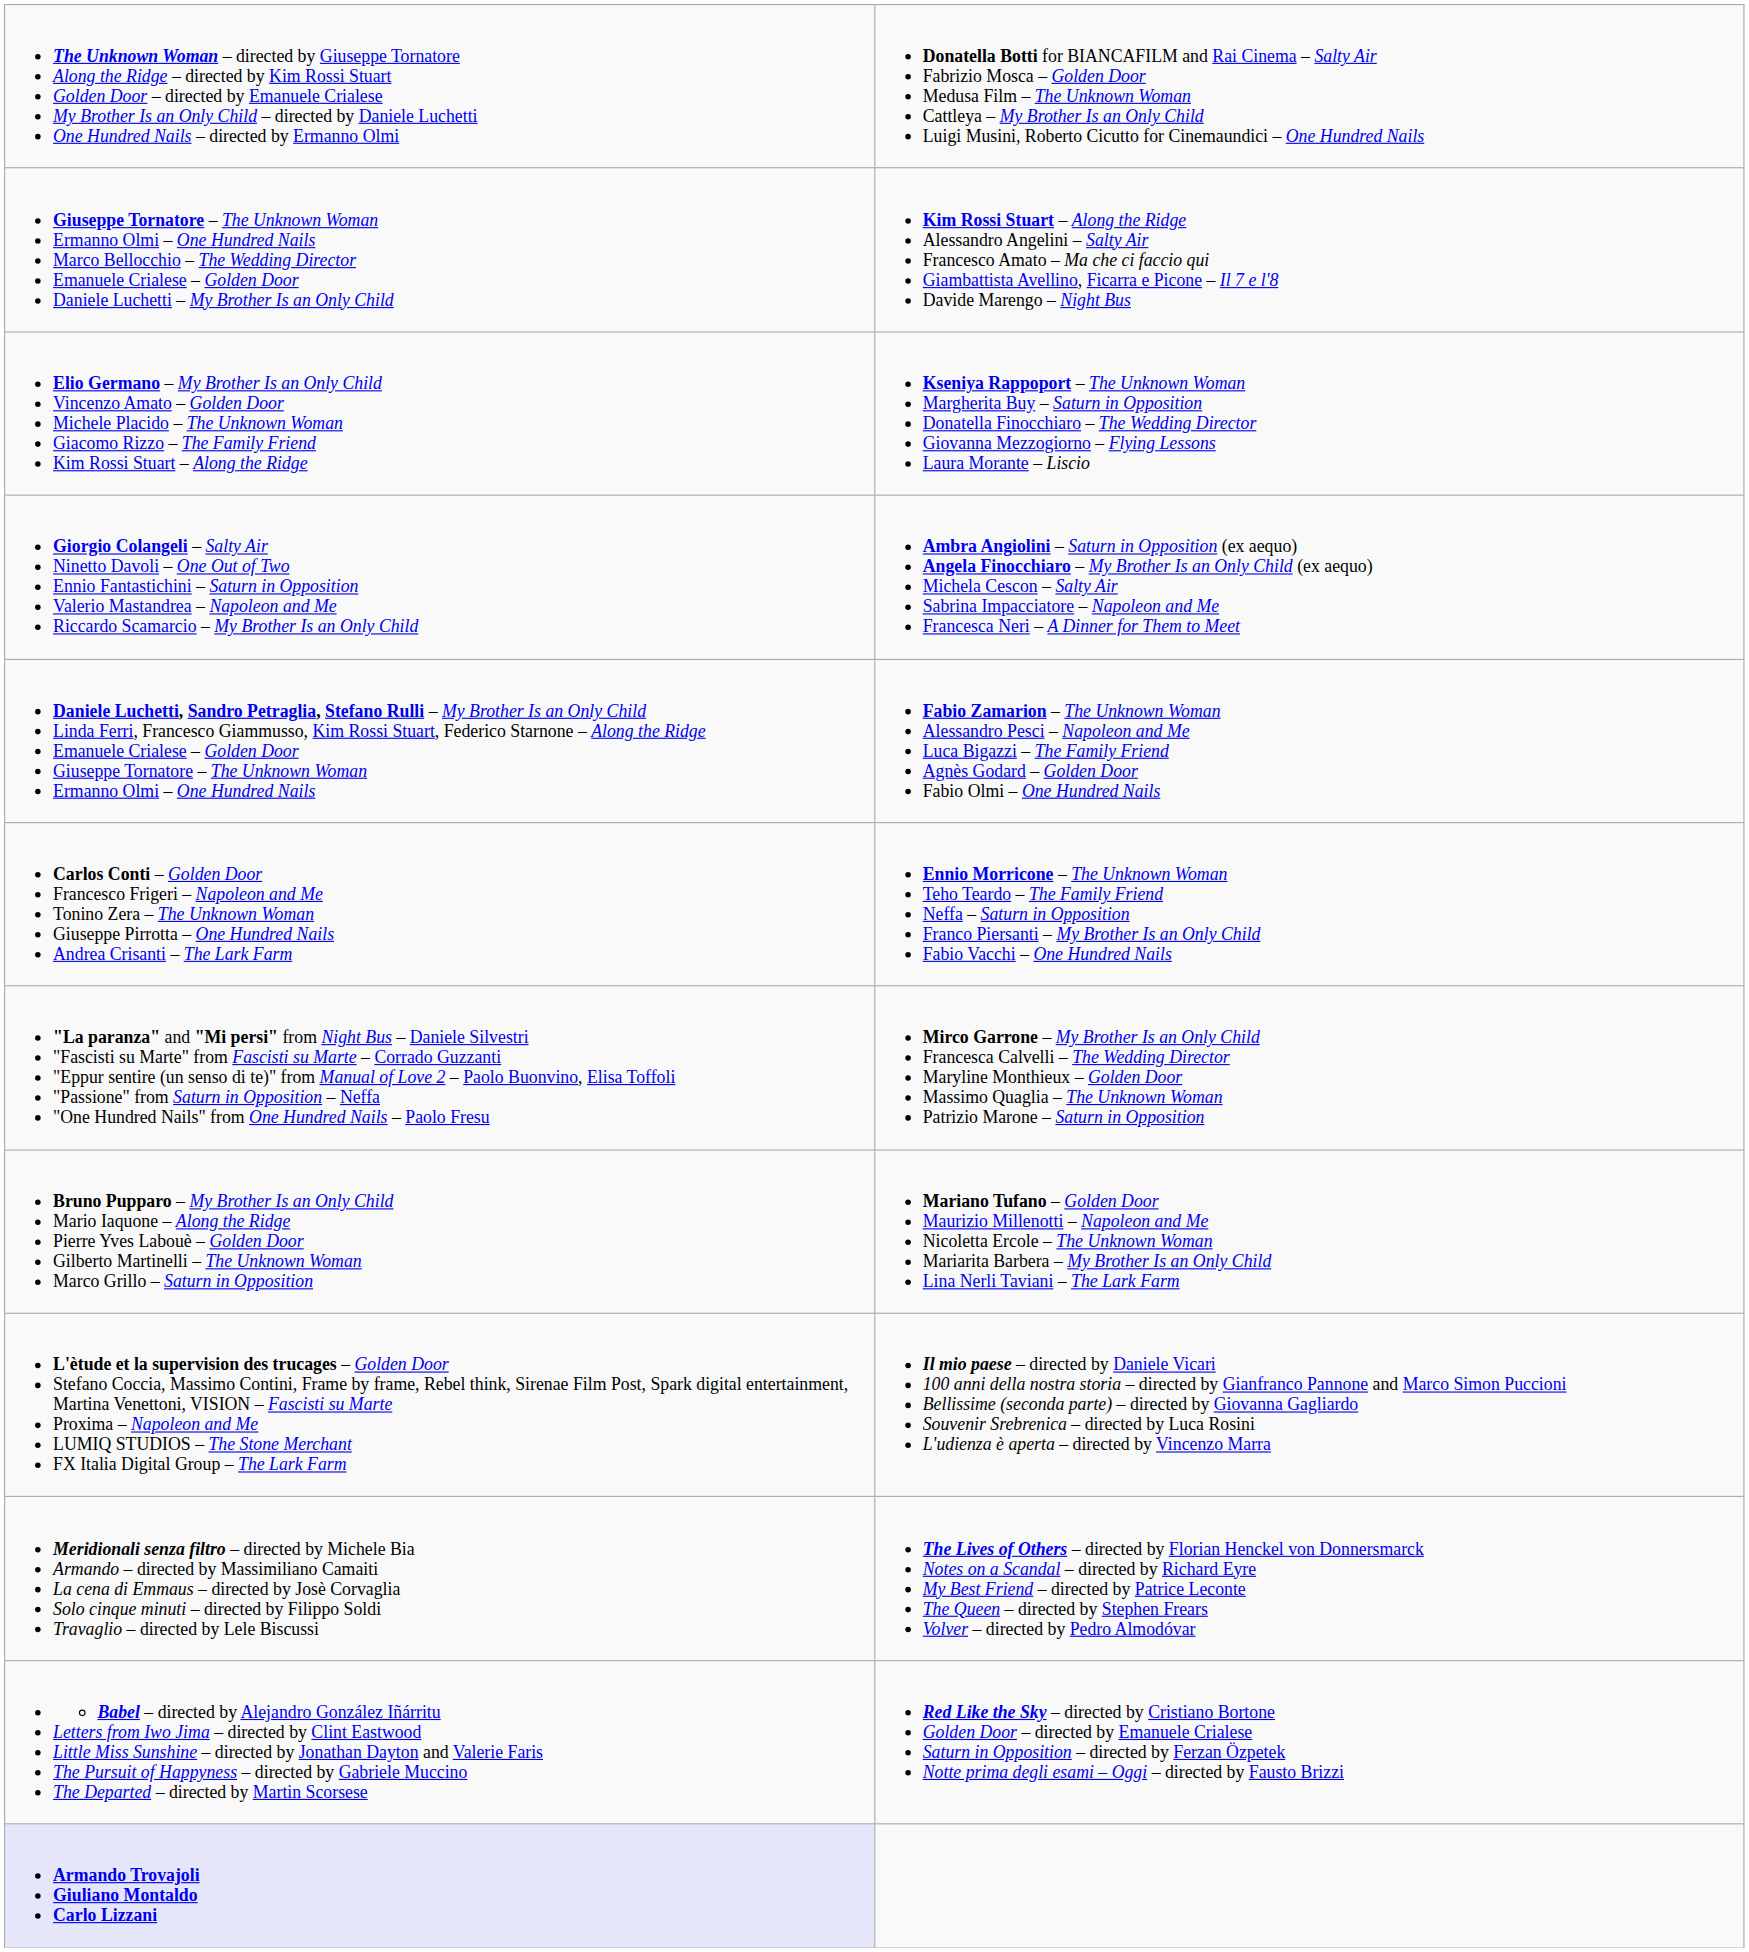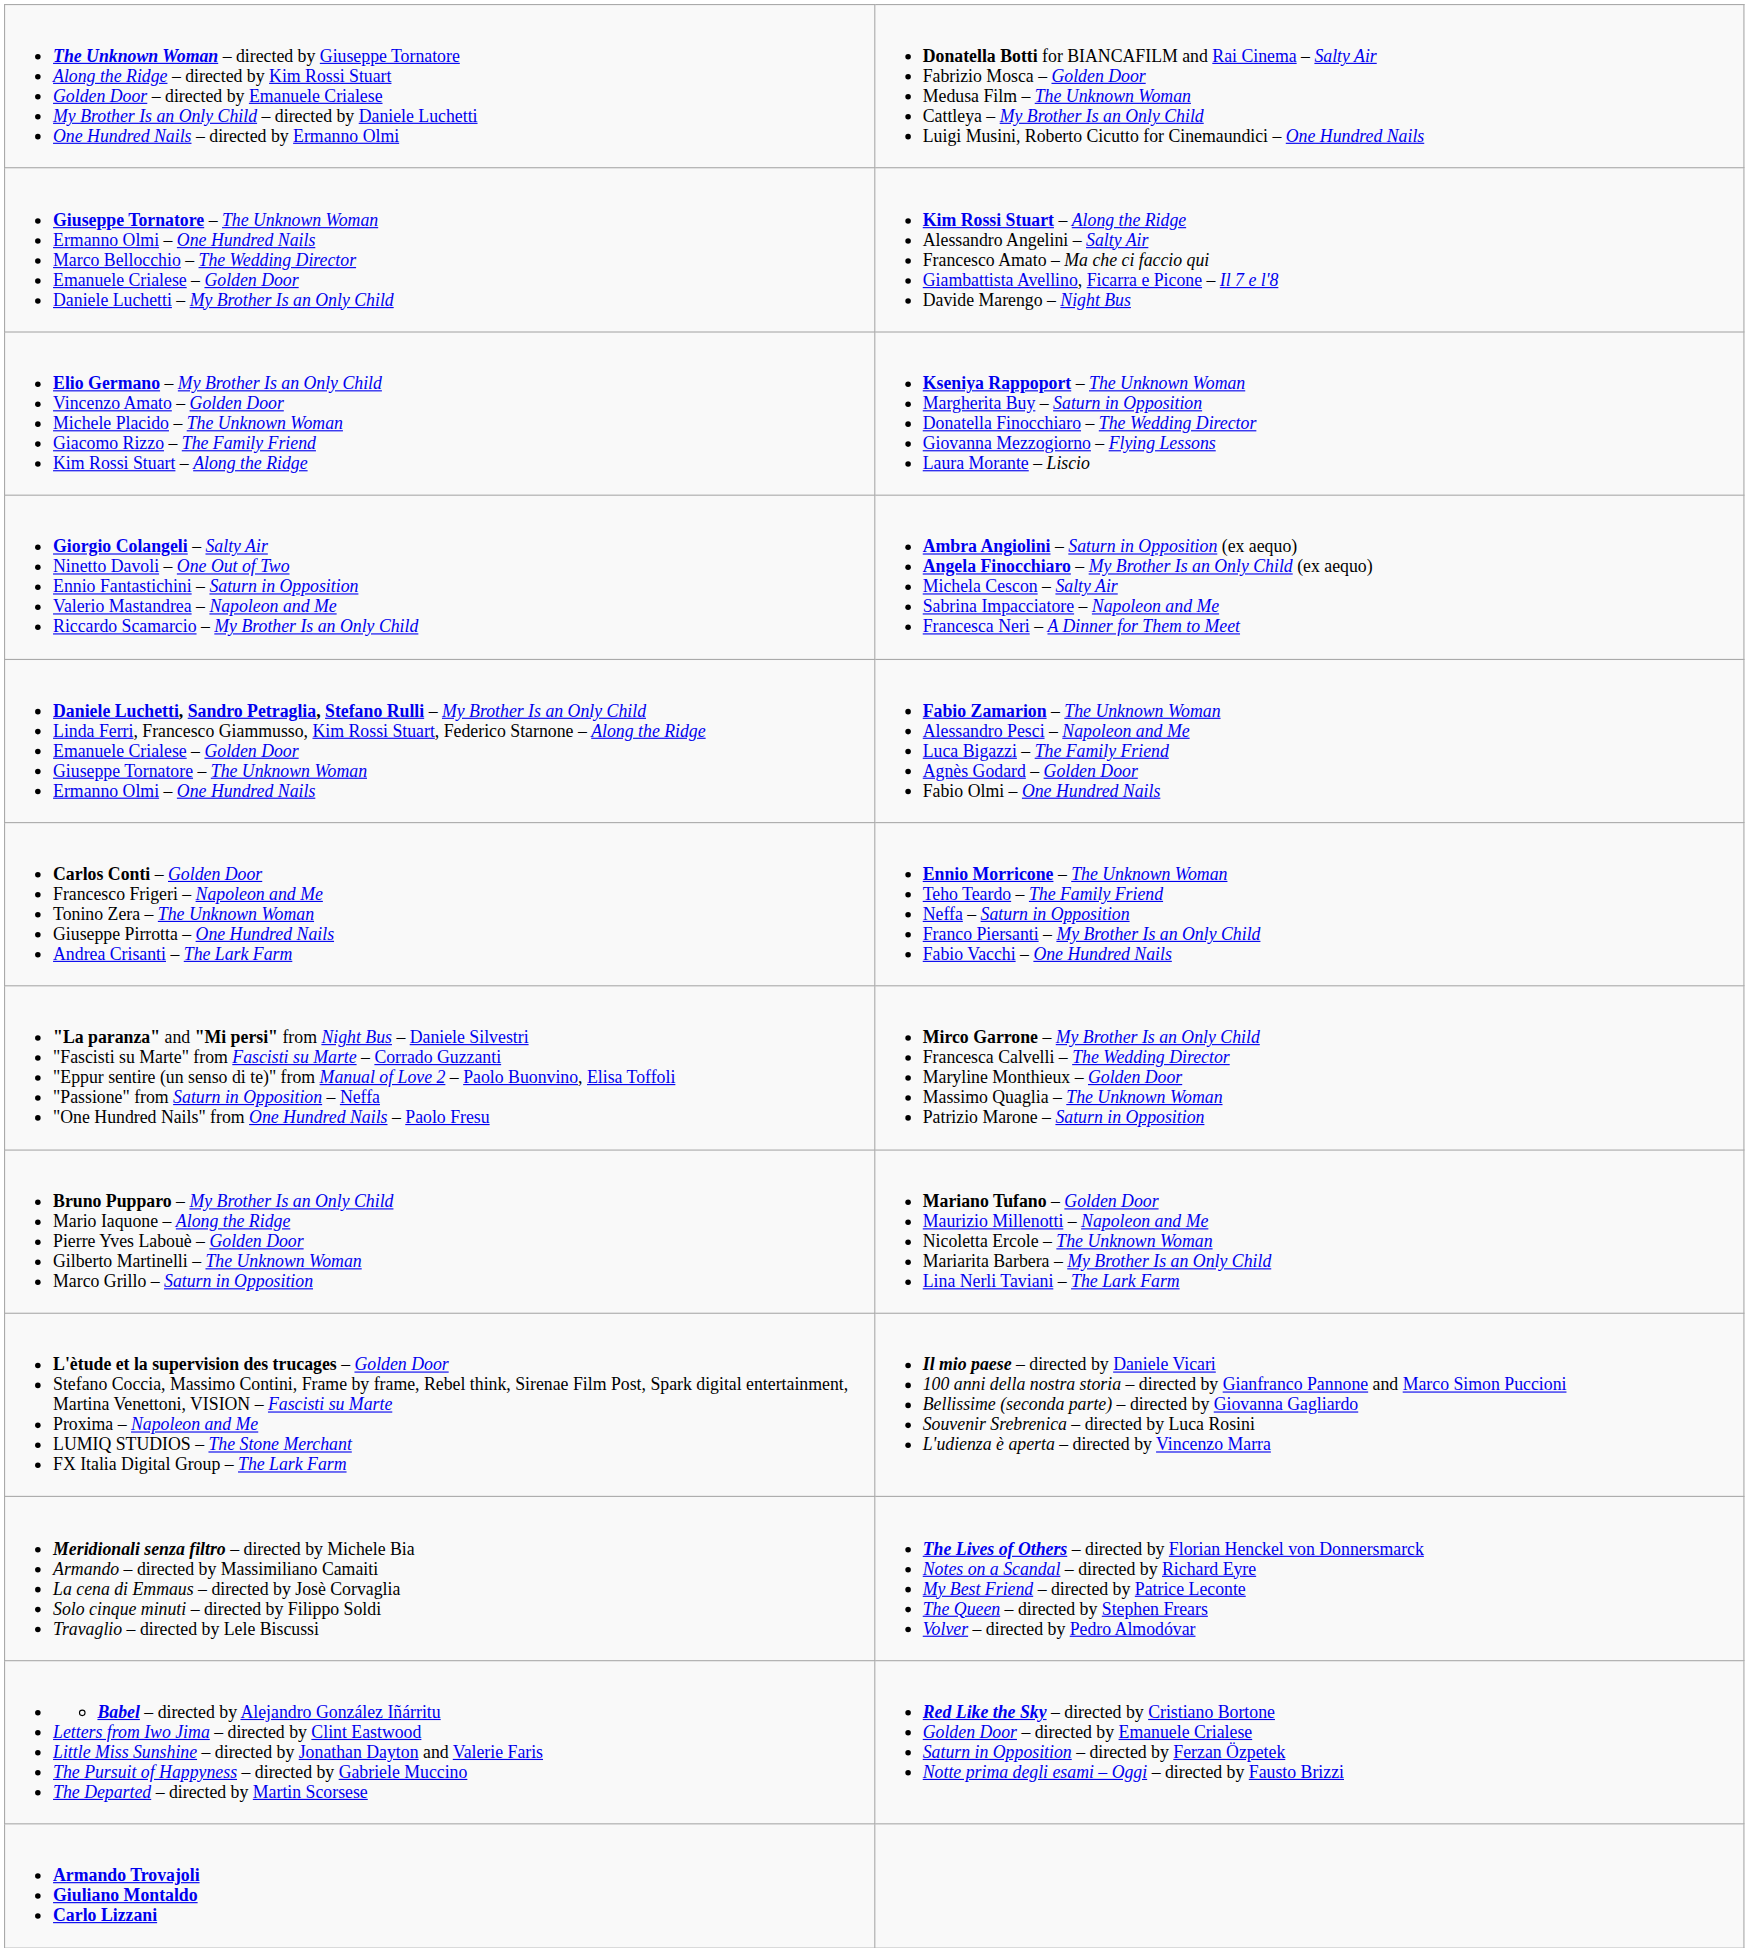 <table class="wikitable" role="presentation">
 <tr>
 <td style="vertical-align:top; width:50%;"><br><ul><li><strong><em><a href='#'>The Unknown Woman</a></em></strong> –  directed by <a href='#'>Giuseppe Tornatore</a></li><li><em><a href='#'>Along the Ridge</a></em> –  directed by <a href='#'>Kim Rossi Stuart</a></li><li><em><a href='#'>Golden Door</a></em> –  directed by <a href='#'>Emanuele Crialese</a></li><li><em><a href='#'>My Brother Is an Only Child</a></em> –  directed by <a href='#'>Daniele Luchetti</a></li><li><em><a href='#'>One Hundred Nails</a></em> –  directed by <a href='#'>Ermanno Olmi</a></li></ul></td>
 <td style="vertical-align:top; width:50%;"><br><ul><li><strong>Donatella Botti</strong> for BIANCAFILM and <a href='#'>Rai Cinema</a> – <em><a href='#'>Salty Air</a></em></li><li>Fabrizio Mosca – <em><a href='#'>Golden Door</a></em></li><li>Medusa Film  – <em><a href='#'>The Unknown Woman</a></em></li><li>Cattleya – <em><a href='#'>My Brother Is an Only Child</a></em></li><li>Luigi Musini,  Roberto Cicutto  for Cinemaundici – <em><a href='#'>One Hundred Nails</a></em></li></ul></td>
 </tr>
 <tr>
 <td style="vertical-align:top; width:50%;"><br><ul><li><strong><a href='#'>Giuseppe Tornatore</a></strong> – <em><a href='#'>The Unknown Woman</a></em></li><li><a href='#'>Ermanno Olmi</a> – <em><a href='#'>One Hundred Nails</a></em></li><li><a href='#'>Marco Bellocchio</a> – <em><a href='#'>The Wedding Director</a></em></li><li><a href='#'>Emanuele Crialese</a> – <em><a href='#'>Golden Door</a></em></li><li><a href='#'>Daniele Luchetti</a> – <em><a href='#'>My Brother Is an Only Child</a></em></li></ul></td>
 <td style="vertical-align:top; width:50%;"><br><ul><li><strong><a href='#'>Kim Rossi Stuart</a></strong> – <em><a href='#'>Along the Ridge</a></em></li><li>Alessandro Angelini  – <em><a href='#'>Salty Air</a></em></li><li>Francesco Amato  – <em>Ma che ci faccio qui</em></li><li><a href='#'>Giambattista Avellino</a>, <a href='#'>Ficarra e Picone</a> – <em><a href='#'>Il 7 e l'8</a></em></li><li>Davide Marengo – <em><a href='#'>Night Bus</a></em></li></ul></td>
 </tr>
 <tr>
 <td style="vertical-align:top; width:50%;"><br><ul><li><strong><a href='#'>Elio Germano</a></strong> – <em><a href='#'>My Brother Is an Only Child</a></em></li><li><a href='#'>Vincenzo Amato</a> – <em><a href='#'>Golden Door</a></em></li><li><a href='#'>Michele Placido</a> – <em><a href='#'>The Unknown Woman</a></em></li><li><a href='#'>Giacomo Rizzo</a> – <em><a href='#'>The Family Friend</a></em></li><li><a href='#'>Kim Rossi Stuart</a> – <em><a href='#'>Along the Ridge</a></em></li></ul></td>
 <td style="vertical-align:top; width:50%;"><br><ul><li><strong><a href='#'>Kseniya Rappoport</a></strong> – <em><a href='#'>The Unknown Woman</a></em></li><li><a href='#'>Margherita Buy</a> – <em><a href='#'>Saturn in Opposition</a></em></li><li><a href='#'>Donatella Finocchiaro</a> – <em><a href='#'>The Wedding Director</a></em></li><li><a href='#'>Giovanna Mezzogiorno</a> – <em><a href='#'>Flying Lessons</a></em></li><li><a href='#'>Laura Morante</a> –  <em>Liscio</em></li></ul></td>
 </tr>
 <tr>
 <td style="vertical-align:top; width:50%;"><br><ul><li><strong><a href='#'>Giorgio Colangeli</a></strong> – <em><a href='#'>Salty Air</a></em></li><li><a href='#'>Ninetto Davoli</a> – <em><a href='#'>One Out of Two</a></em></li><li><a href='#'>Ennio Fantastichini</a> – <em><a href='#'>Saturn in Opposition</a></em></li><li><a href='#'>Valerio Mastandrea</a> – <em><a href='#'>Napoleon and Me</a></em></li><li><a href='#'>Riccardo Scamarcio</a> – <em><a href='#'>My Brother Is an Only Child</a></em></li></ul></td>
 <td style="vertical-align:top; width:50%;"><br><ul><li><strong><a href='#'>Ambra Angiolini</a></strong> – <em><a href='#'>Saturn in Opposition</a></em> (ex aequo)</li><li><strong><a href='#'>Angela Finocchiaro</a></strong> – <em><a href='#'>My Brother Is an Only Child</a></em> (ex aequo)</li><li><a href='#'>Michela Cescon</a> – <em><a href='#'>Salty Air</a></em></li><li><a href='#'>Sabrina Impacciatore</a> – <em><a href='#'>Napoleon and Me</a></em></li><li><a href='#'>Francesca Neri</a> – <em><a href='#'>A Dinner for Them to Meet</a></em></li></ul></td>
 </tr>
 <tr>
 <td style="vertical-align:top; width:50%;"><br><ul><li><strong><a href='#'>Daniele Luchetti</a>, <a href='#'>Sandro Petraglia</a>, <a href='#'>Stefano Rulli</a></strong> – <em><a href='#'>My Brother Is an Only Child</a></em></li><li><a href='#'>Linda Ferri</a>, Francesco Giammusso, <a href='#'>Kim Rossi Stuart</a>, Federico Starnone – <em><a href='#'>Along the Ridge</a></em></li><li><a href='#'>Emanuele Crialese</a> – <em><a href='#'>Golden Door</a></em></li><li><a href='#'>Giuseppe Tornatore</a> – <em><a href='#'>The Unknown Woman</a></em></li><li><a href='#'>Ermanno Olmi</a> – <em><a href='#'>One Hundred Nails</a></em></li></ul></td>
 <td style="vertical-align:top; width:50%;"><br><ul><li><strong><a href='#'>Fabio Zamarion</a></strong> – <em><a href='#'>The Unknown Woman</a></em></li><li><a href='#'>Alessandro Pesci</a> – <em><a href='#'>Napoleon and Me</a></em></li><li><a href='#'>Luca Bigazzi</a> – <em><a href='#'>The Family Friend</a></em></li><li><a href='#'>Agnès Godard</a> – <em><a href='#'>Golden Door</a></em></li><li>Fabio Olmi – <em><a href='#'>One Hundred Nails</a></em></li></ul></td>
 </tr>
 <tr>
 <td style="vertical-align:top; width:50%;"><br><ul><li><strong>Carlos Conti</strong> – <em><a href='#'>Golden Door</a></em></li><li>Francesco Frigeri  – <em><a href='#'>Napoleon and Me</a></em></li><li>Tonino Zera  – <em><a href='#'>The Unknown Woman</a></em></li><li>Giuseppe Pirrotta – <em><a href='#'>One Hundred Nails</a></em></li><li><a href='#'>Andrea Crisanti</a> – <em><a href='#'>The Lark Farm</a></em></li></ul></td>
 <td style="vertical-align:top; width:50%;"><br><ul><li><strong><a href='#'>Ennio Morricone</a></strong> – <em><a href='#'>The Unknown Woman</a></em></li><li><a href='#'>Teho Teardo</a> – <em><a href='#'>The Family Friend</a></em></li><li><a href='#'>Neffa</a> – <em><a href='#'>Saturn in Opposition</a></em></li><li><a href='#'>Franco Piersanti</a> – <em><a href='#'>My Brother Is an Only Child</a></em></li><li><a href='#'>Fabio Vacchi</a> – <em><a href='#'>One Hundred Nails</a></em></li></ul></td>
 </tr>
 <tr>
 <td style="vertical-align:top; width:50%;"><br><ul><li><strong>"La paranza"</strong> and <strong>"Mi persi"</strong> from <em><a href='#'>Night Bus</a></em>  – <a href='#'>Daniele Silvestri</a></li><li>"Fascisti su Marte" from <em><a href='#'>Fascisti su Marte</a></em>  – <a href='#'>Corrado Guzzanti</a></li><li>"Eppur sentire (un senso di te)" from <em><a href='#'>Manual of Love 2</a></em>  – <a href='#'>Paolo Buonvino</a>, <a href='#'>Elisa Toffoli</a></li><li>"Passione" from <em><a href='#'>Saturn in Opposition</a></em> –  <a href='#'>Neffa</a></li><li>"One Hundred Nails" from  <em><a href='#'>One Hundred Nails</a></em> –  <a href='#'>Paolo Fresu</a></li></ul></td>
 <td style="vertical-align:top; width:50%;"><br><ul><li><strong>Mirco Garrone</strong> – <em><a href='#'>My Brother Is an Only Child</a></em></li><li>Francesca Calvelli  – <em><a href='#'>The Wedding Director</a></em></li><li>Maryline Monthieux – <em><a href='#'>Golden Door</a></em></li><li>Massimo Quaglia – <em><a href='#'>The Unknown Woman</a></em></li><li>Patrizio Marone  – <em><a href='#'>Saturn in Opposition</a></em></li></ul></td>
 </tr>
 <tr>
 <td style="vertical-align:top; width:50%;"><br><ul><li><strong>Bruno Pupparo</strong> – <em><a href='#'>My Brother Is an Only Child</a></em></li><li>Mario Iaquone  – <em><a href='#'>Along the Ridge</a></em></li><li>Pierre Yves Labouè  – <em><a href='#'>Golden Door</a></em></li><li>Gilberto Martinelli  – <em><a href='#'>The Unknown Woman</a></em></li><li>Marco Grillo  – <em><a href='#'>Saturn in Opposition</a></em></li></ul></td>
 <td style="vertical-align:top; width:50%;"><br><ul><li><strong>Mariano Tufano</strong> – <em><a href='#'>Golden Door</a></em></li><li><a href='#'>Maurizio Millenotti</a> – <em><a href='#'>Napoleon and Me</a></em></li><li>Nicoletta Ercole  – <em><a href='#'>The Unknown Woman</a></em></li><li>Mariarita Barbera  – <em><a href='#'>My Brother Is an Only Child</a></em></li><li><a href='#'>Lina Nerli Taviani</a> – <em><a href='#'>The Lark Farm</a></em></li></ul></td>
 </tr>
 <tr>
 <td style="vertical-align:top; width:50%;"><br><ul><li><strong>L'ètude et la supervision des trucages</strong> – <em><a href='#'>Golden Door</a></em></li><li>Stefano Coccia, Massimo Contini, Frame by frame, Rebel think, Sirenae Film Post, Spark digital entertainment, Martina Venettoni, VISION  – <em><a href='#'>Fascisti su Marte</a></em></li><li>Proxima – <em><a href='#'>Napoleon and Me</a></em></li><li>LUMIQ STUDIOS  – <em><a href='#'>The Stone Merchant</a></em></li><li>FX Italia Digital Group – <em><a href='#'>The Lark Farm</a></em></li></ul></td>
 <td style="vertical-align:top; width:50%;"><br><ul><li><strong><em>Il mio paese</em></strong> –  directed by <a href='#'>Daniele Vicari</a></li><li><em>100 anni della nostra storia</em> –  directed by <a href='#'>Gianfranco Pannone</a> and <a href='#'>Marco Simon Puccioni</a></li><li><em>Bellissime (seconda parte)</em> –  directed by <a href='#'>Giovanna Gagliardo</a></li><li><em>Souvenir Srebrenica</em> –  directed by Luca Rosini</li><li><em>L'udienza è aperta</em> –  directed by <a href='#'>Vincenzo Marra</a></li></ul></td>
 </tr>
 <tr>
 <td style="vertical-align:top; width:50%;"><br><ul><li><strong><em>Meridionali senza filtro</em></strong> –  directed by Michele Bia</li><li><em>Armando</em> –  directed by Massimiliano Camaiti</li><li><em>La cena di Emmaus</em> –  directed by Josè Corvaglia</li><li><em>Solo cinque minuti</em> –  directed by Filippo Soldi</li><li><em>Travaglio</em> –  directed by Lele Biscussi</li></ul></td>
 <td style="vertical-align:top; width:50%;"><br><ul><li><strong><em><a href='#'>The Lives of Others</a></em></strong> –  directed by <a href='#'>Florian Henckel von Donnersmarck</a></li><li><em><a href='#'>Notes on a Scandal</a></em> –  directed by <a href='#'>Richard Eyre</a></li><li><em><a href='#'>My Best Friend</a></em> –  directed by <a href='#'>Patrice Leconte</a></li><li><em><a href='#'>The Queen</a> </em> –  directed by <a href='#'>Stephen Frears</a></li><li><em><a href='#'>Volver</a> </em> –  directed by <a href='#'>Pedro Almodóvar</a></li></ul></td>
 </tr>
 <tr>
 <td style="vertical-align:top; width:50%;"><br><ul><li><ul><li><strong><em><a href='#'>Babel</a></em></strong> –  directed by <a href='#'>Alejandro González Iñárritu</a></li></ul></li><li><em><a href='#'>Letters from Iwo Jima</a></em> –  directed by <a href='#'>Clint Eastwood</a></li><li><em><a href='#'>Little Miss Sunshine</a></em> –  directed by <a href='#'>Jonathan Dayton</a> and <a href='#'>Valerie Faris</a></li><li><em><a href='#'>The Pursuit of Happyness</a></em> –  directed by <a href='#'>Gabriele Muccino</a></li><li><em><a href='#'>The Departed</a></em> –  directed by <a href='#'>Martin Scorsese</a></li></ul></td>
 <td style="vertical-align:top; width:50%;"><br><ul><li><strong><em><a href='#'>Red Like the Sky</a></em></strong> –  directed by <a href='#'>Cristiano Bortone</a></li><li><em><a href='#'>Golden Door</a></em> –  directed by <a href='#'>Emanuele Crialese</a></li><li><em><a href='#'>Saturn in Opposition</a></em> –  directed by <a href='#'>Ferzan Özpetek</a></li><li><em><a href='#'>Notte prima degli esami – Oggi</a></em> –  directed by <a href='#'>Fausto Brizzi</a></li></ul></td>
 </tr>
 <tr>
-<td style="background: lavender; vertical-align:top; width:50%;"><br><ul><li><strong><a href='#'>Armando Trovajoli</a></strong></li><li><strong><a href='#'>Giuliano Montaldo</a></strong></li><li><strong><a href='#'>Carlo Lizzani</a></strong></li></ul></td>
+<td style="vertical-align:top; width:50%;"><br><ul><li><strong><a href='#'>Armando Trovajoli</a></strong></li><li><strong><a href='#'>Giuliano Montaldo</a></strong></li><li><strong><a href='#'>Carlo Lizzani</a></strong></li></ul></td>
 </tr>
 </table>
